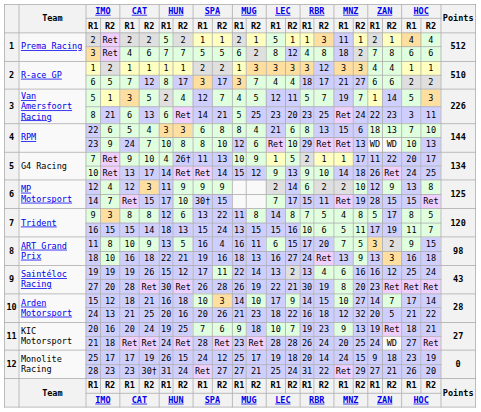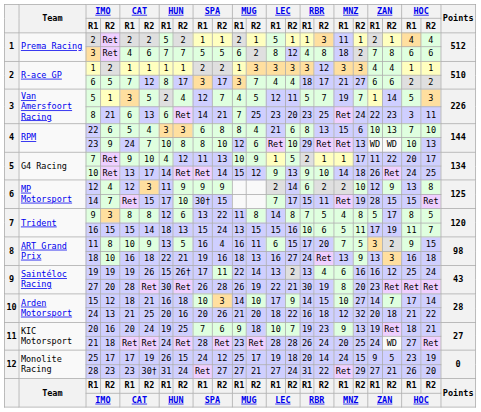 <table class="wikitable" style="font-size:85%; text-align:center">
 <tr>
 <th rowspan="2" valign="middle"></th>
 <th rowspan="2" valign="middle">Team</th>
 <th colspan="2"><a href='#'>IMO</a><br></th>
 <th colspan="2"><a href='#'>CAT</a><br></th>
 <th colspan="2"><a href='#'>HUN</a><br></th>
 <th colspan="2"><a href='#'>SPA</a><br></th>
 <th colspan="2"><a href='#'>MUG</a><br></th>
 <th colspan="2"><a href='#'>LEC</a><br></th>
 <th colspan="2"><a href='#'>RBR</a><br></th>
 <th colspan="2"><a href='#'>MNZ</a><br></th>
 <th colspan="2"><a href='#'>ZAN</a><br></th>
 <th colspan="2"><a href='#'>HOC</a><br></th>
 <th rowspan="2" valign="middle">Points</th>
 </tr>
 <tr>
 <th>R1</th>
 <th>R2</th>
 <th>R1</th>
 <th>R2</th>
 <th>R1</th>
 <th>R2</th>
 <th>R1</th>
 <th>R2</th>
 <th>R1</th>
 <th>R2</th>
 <th>R1</th>
 <th>R2</th>
 <th>R1</th>
 <th>R2</th>
 <th>R1</th>
 <th>R2</th>
 <th>R1</th>
 <th>R2</th>
 <th>R1</th>
 <th>R2</th>
 </tr>
 <tr>
 <th rowspan="2">1</th>
 <td rowspan="2" align="left"> <a href='#'>Prema Racing</a></td>
 <td style="background:#DFDFDF">2</td>
 <td style="background:#EFCFFF">Ret</td>
 <td style="background:#DFDFDF">2</td>
 <td style="background:#DFDFDF">2</td>
 <td style="background:#DFFFDF">5</td>
 <td style="background:#DFDFDF">2</td>
 <td style="background:#FFFFBF">1</td>
 <td style="background:#FFFFBF">1</td>
 <td style="background:#DFDFDF">2</td>
 <td style="background:#FFFFBF">1</td>
 <td style="background:#DFFFDF">5</td>
 <td style="background:#FFFFBF">1</td>
 <td style="background:#FFFFBF">1</td>
 <td style="background:#FFDF9F">3</td>
 <td style="background:#CFCFFF">11</td>
 <td style="background:#FFFFBF">1</td>
 <td style="background:#DFDFDF">2</td>
 <td style="background:#FFFFBF">1</td>
 <td style="background:#FFDF9F">4</td>
 <td style="background:#DFFFDF">4</td>
 <th rowspan="2">512</th>
 </tr>
 <tr>
 <td style="background:#FFDF9F">3</td>
 <td style="background:#EFCFFF">Ret</td>
 <td style="background:#DFFFDF">4</td>
 <td style="background:#DFFFDF">6</td>
 <td style="background:#DFFFDF">7</td>
 <td style="background:#DFFFDF">7</td>
 <td style="background:#DFFFDF">5</td>
 <td style="background:#DFFFDF">5</td>
 <td style="background:#DFFFDF">6</td>
 <td style="background:#DFDFDF">2</td>
 <td style="background:#DFFFDF">8</td>
 <td style="background:#CFCFFF">12</td>
 <td style="background:#DFFFDF">4</td>
 <td style="background:#DFFFDF">8</td>
 <td style="background:#CFCFFF">18</td>
 <td style="background:#DFDFDF">2</td>
 <td style="background:#DFFFDF">7</td>
 <td style="background:#DFFFDF">8</td>
 <td style="background:#DFFFDF">6</td>
 <td style="background:#DFFFDF">6</td>
 </tr>
 <tr>
 <th rowspan="2">2</th>
 <td rowspan="2" align="left"> <a href='#'>R-ace GP</a></td>
 <td style="background:#FFFFBF">1</td>
 <td style="background:#DFDFDF">2</td>
 <td style="background:#FFFFBF">1</td>
 <td style="background:#FFFFBF">1</td>
 <td style="background:#FFFFBF">1</td>
 <td style="background:#FFFFBF">1</td>
 <td style="background:#DFDFDF">2</td>
 <td style="background:#DFDFDF">2</td>
 <td style="background:#FFFFBF">1</td>
 <td style="background:#FFDF9F">3</td>
 <td style="background:#FFDF9F">3</td>
 <td style="background:#FFDF9F">3</td>
 <td style="background:#FFDF9F">3</td>
 <td style="background:#CFCFFF">12</td>
 <td style="background:#FFDF9F">3</td>
 <td style="background:#FFDF9F">3</td>
 <td style="background:#DFFFDF">4</td>
 <td style="background:#DFFFDF">4</td>
 <td style="background:#FFFFBF">1</td>
 <td style="background:#FFFFBF">1</td>
 <th rowspan="2">510</th>
 </tr>
 <tr>
 <td style="background:#DFFFDF">6</td>
 <td style="background:#DFFFDF">5</td>
 <td style="background:#DFFFDF">7</td>
 <td style="background:#CFCFFF">12</td>
 <td style="background:#DFFFDF">8</td>
 <td style="background:#CFCFFF">17</td>
 <td style="background:#FFDF9F">3</td>
 <td style="background:#CFCFFF">17</td>
 <td style="background:#FFDF9F">3</td>
 <td style="background:#DFFFDF">7</td>
 <td style="background:#DFFFDF">4</td>
 <td style="background:#DFFFDF">4</td>
 <td style="background:#CFCFFF">18</td>
 <td style="background:#CFCFFF">17</td>
 <td style="background:#CFCFFF">21</td>
 <td style="background:#CFCFFF">27</td>
 <td style="background:#DFFFDF">6</td>
 <td style="background:#DFFFDF">6</td>
 <td style="background:#DFDFDF">2</td>
 <td style="background:#DFDFDF">2</td>
 </tr>
 <tr>
 <th rowspan="2">3</th>
 <td rowspan="2" align="left"> <a href='#'>Van Amersfoort Racing</a></td>
 <td style="background:#DFFFDF">5</td>
 <td style="background:#FFFFBF">1</td>
 <td style="background:#FFDF9F">3</td>
 <td style="background:#DFFFDF">5</td>
 <td style="background:#DFDFDF">2</td>
 <td style="background:#DFFFDF">4</td>
 <td style="background:#CFCFFF">12</td>
 <td style="background:#DFFFDF">7</td>
 <td style="background:#DFFFDF">4</td>
 <td style="background:#DFFFDF">5</td>
 <td style="background:#CFCFFF">12</td>
 <td style="background:#CFCFFF">11</td>
 <td style="background:#DFFFDF">5</td>
 <td style="background:#DFFFDF">7</td>
 <td style="background:#CFCFFF">19</td>
 <td style="background:#DFFFDF">7</td>
 <td style="background:#FFFFBF">1</td>
 <td style="background:#CFCFFF">14</td>
 <td style="background:#DFFFDF">5</td>
 <td style="background:#FFDF9F">3</td>
 <th rowspan="2">226</th>
 </tr>
 <tr>
 <td style="background:#DFFFDF">8</td>
 <td style="background:#CFCFFF">21</td>
 <td style="background:#DFFFDF">6</td>
 <td style="background:#CFCFFF">13</td>
 <td style="background:#DFFFDF">6</td>
 <td style="background:#EFCFFF">Ret</td>
 <td style="background:#CFCFFF">14</td>
 <td style="background:#CFCFFF">21</td>
-<td style="background:#DFFFDF">5</td>
+<td style="background:#DFFFDF">7</td>
 <td style="background:#CFCFFF">25</td>
 <td style="background:#CFCFFF">23</td>
 <td style="background:#CFCFFF">20</td>
 <td style="background:#CFCFFF">23</td>
 <td style="background:#CFCFFF">25</td>
 <td style="background:#EFCFFF">Ret</td>
 <td style="background:#CFCFFF">24</td>
 <td style="background:#CFCFFF">22</td>
 <td style="background:#CFCFFF">23</td>
 <td style="background:#CFCFFF">3</td>
 <td style="background:#CFCFFF">11</td>
 </tr>
 <tr>
 <th rowspan="2">4</th>
 <td rowspan="2" align="left"> <a href='#'>RPM</a></td>
 <td style="background:#CFCFFF">22</td>
 <td style="background:#DFFFDF">6</td>
 <td style="background:#DFFFDF">5</td>
 <td style="background:#DFFFDF">4</td>
 <td style="background:#FFDF9F">3</td>
 <td style="background:#FFDF9F">3</td>
 <td style="background:#DFFFDF">6</td>
 <td style="background:#DFFFDF">8</td>
 <td style="background:#DFFFDF">8</td>
 <td style="background:#DFFFDF">4</td>
 <td style="background:#CFCFFF">21</td>
 <td style="background:#DFFFDF">6</td>
 <td style="background:#DFFFDF">8</td>
 <td style="background:#CFCFFF">13</td>
 <td style="background:#CFCFFF">15</td>
 <td style="background:#CFCFFF">6</td>
-<td style="background:#DFFFDF">18</td>
+<td style="background:#DFFFDF">10</td>
 <td style="background:#DFFFDF">13</td>
 <td style="background:#DFFFDF">7</td>
 <td style="background:#DFFFDF">10</td>
 <th rowspan="2">144</th>
 </tr>
 <tr>
 <td style="background:#CFCFFF">23</td>
 <td style="background:#DFFFDF">9</td>
 <td style="background:#CFCFFF">24</td>
 <td style="background:#DFFFDF">7</td>
 <td style="background:#DFFFDF">10</td>
 <td style="background:#DFFFDF">8</td>
 <td style="background:#DFFFDF">8</td>
 <td style="background:#DFFFDF">10</td>
 <td style="background:#CFCFFF">12</td>
 <td style="background:#DFFFDF">6</td>
 <td style="background:#EFCFFF">Ret</td>
 <td style="background:#DFFFDF">10</td>
 <td style="background:#CFCFFF">29</td>
 <td style="background:#EFCFFF">Ret</td>
 <td style="background:#EFCFFF">Ret</td>
 <td style="background:#CFCFFF">13</td>
 <td style="background:#">WD</td>
 <td style="background:#">WD</td>
 <td style="background:#DFFFDF">10</td>
 <td style="background:#CFCFFF">13</td>
 </tr>
 <tr>
 <th rowspan="2">5</th>
 <td rowspan="2" align="left"> G4 Racing</td>
 <td style="background:#DFFFDF">7</td>
 <td style="background:#EFCFFF">Ret</td>
 <td style="background:#DFFFDF">9</td>
 <td style="background:#DFFFDF">10</td>
 <td style="background:#DFFFDF">4</td>
-<td style="background:#CFCFFF">26†</td>
+<td style="background:#CFCFFF">12</td>
 <td style="background:#CFCFFF">11</td>
 <td style="background:#CFCFFF">13</td>
 <td style="background:#DFFFDF">10</td>
 <td style="background:#DFFFDF">9</td>
 <td style="background:#FFFFBF">1</td>
 <td style="background:#DFFFDF">5</td>
 <td style="background:#DFDFDF">2</td>
 <td style="background:#FFFFBF">1</td>
 <td style="background:#FFFFBF">1</td>
 <td style="background:#CFCFFF">17</td>
 <td style="background:#CFCFFF">11</td>
 <td style="background:#CFCFFF">22</td>
 <td style="background:#CFCFFF">20</td>
 <td style="background:#CFCFFF">17</td>
 <th rowspan="2">134</th>
 </tr>
 <tr>
 <td style="background:#DFFFDF">10</td>
 <td style="background:#EFCFFF">Ret</td>
 <td style="background:#CFCFFF">13</td>
 <td style="background:#CFCFFF">17</td>
 <td style="background:#CFCFFF">14</td>
 <td style="background:#EFCFFF">Ret</td>
 <td style="background:#EFCFFF">Ret</td>
 <td style="background:#CFCFFF">14</td>
 <td style="background:#CFCFFF">15</td>
 <td style="background:#CFCFFF">12</td>
 <td style="background:#DFFFDF">9</td>
 <td style="background:#CFCFFF">13</td>
 <td style="background:#DFFFDF">9</td>
 <td style="background:#DFFFDF">10</td>
 <td style="background:#CFCFFF">14</td>
 <td style="background:#CFCFFF">18</td>
 <td style="background:#CFCFFF">26</td>
 <td style="background:#EFCFFF">Ret</td>
 <td style="background:#CFCFFF">24</td>
 <td style="background:#CFCFFF">25</td>
 </tr>
 <tr>
 <th rowspan="2">6</th>
 <td rowspan="2" align="left"> <a href='#'>MP Motorsport</a></td>
 <td style="background:#CFCFFF">12</td>
 <td style="background:#DFFFDF">4</td>
 <td style="background:#CFCFFF">12</td>
 <td style="background:#FFDF9F">3</td>
 <td style="background:#CFCFFF">11</td>
 <td style="background:#DFFFDF">9</td>
 <td style="background:#DFFFDF">9</td>
 <td style="background:#DFFFDF">9</td>
 <td></td>
 <td></td>
 <td style="background:#DFDFDF">2</td>
 <td style="background:#CFCFFF">14</td>
 <td style="background:#DFFFDF">6</td>
 <td style="background:#DFDFDF">2</td>
 <td style="background:#DFDFDF">2</td>
 <td style="background:#DFFFDF">10</td>
 <td style="background:#CFCFFF">12</td>
 <td style="background:#DFFFDF">9</td>
 <td style="background:#CFCFFF">13</td>
 <td style="background:#DFFFDF">8</td>
 <th rowspan="2">125</th>
 </tr>
 <tr>
 <td style="background:#CFCFFF">14</td>
 <td style="background:#DFFFDF">7</td>
 <td style="background:#EFCFFF">Ret</td>
 <td style="background:#CFCFFF">15</td>
 <td style="background:#CFCFFF">17</td>
 <td style="background:#DFFFDF">10</td>
 <td style="background:#CFCFFF">30†</td>
 <td style="background:#CFCFFF">15</td>
 <td></td>
 <td></td>
 <td style="background:#DFFFDF">7</td>
 <td style="background:#CFCFFF">17</td>
 <td style="background:#CFCFFF">15</td>
 <td style="background:#CFCFFF">11</td>
 <td style="background:#EFCFFF">Ret</td>
 <td style="background:#CFCFFF">19</td>
 <td style="background:#CFCFFF">28</td>
 <td style="background:#CFCFFF">15</td>
 <td style="background:#CFCFFF">15</td>
 <td style="background:#EFCFFF">Ret</td>
 </tr>
 <tr>
 <th rowspan="2">7</th>
 <td rowspan="2" align="left"> <a href='#'>Trident</a></td>
 <td style="background:#DFFFDF">9</td>
 <td style="background:#FFDF9F">3</td>
 <td style="background:#DFFFDF">8</td>
 <td style="background:#DFFFDF">8</td>
 <td style="background:#CFCFFF">12</td>
 <td style="background:#DFFFDF">6</td>
 <td style="background:#CFCFFF">13</td>
 <td style="background:#CFCFFF">22</td>
 <td style="background:#CFCFFF">11</td>
 <td style="background:#DFFFDF">8</td>
 <td style="background:#CFCFFF">14</td>
 <td style="background:#DFFFDF">8</td>
 <td style="background:#DFFFDF">7</td>
 <td style="background:#DFFFDF">5</td>
 <td style="background:#DFFFDF">4</td>
 <td style="background:#DFFFDF">8</td>
 <td style="background:#DFFFDF">5</td>
 <td style="background:#CFCFFF">17</td>
 <td style="background:#DFFFDF">8</td>
 <td style="background:#DFFFDF">5</td>
 <th rowspan="2">120</th>
 </tr>
 <tr>
 <td style="background:#CFCFFF">16</td>
 <td style="background:#CFCFFF">15</td>
 <td style="background:#CFCFFF">15</td>
 <td style="background:#CFCFFF">14</td>
 <td style="background:#CFCFFF">18</td>
 <td style="background:#CFCFFF">13</td>
 <td style="background:#CFCFFF">15</td>
 <td style="background:#CFCFFF">24</td>
 <td style="background:#CFCFFF">13</td>
 <td style="background:#CFCFFF">15</td>
 <td style="background:#CFCFFF">15</td>
 <td style="background:#CFCFFF">16</td>
 <td style="background:#DFFFDF">10</td>
 <td style="background:#DFFFDF">6</td>
 <td style="background:#DFFFDF">5</td>
 <td style="background:#DFFFDF">11</td>
 <td style="background:#CFCFFF">17</td>
 <td style="background:#CFCFFF">19</td>
 <td style="background:#DFFFDF">11</td>
 <td style="background:#DFFFDF">7</td>
 </tr>
 <tr>
 <th rowspan="2">8</th>
 <td rowspan="2" align="left"> <a href='#'>ART Grand Prix</a></td>
 <td style="background:#CFCFFF">11</td>
 <td style="background:#DFFFDF">8</td>
 <td style="background:#DFFFDF">10</td>
 <td style="background:#DFFFDF">9</td>
 <td style="background:#CFCFFF">13</td>
 <td style="background:#DFFFDF">5</td>
 <td style="background:#CFCFFF">16</td>
 <td style="background:#CFCFFF">4</td>
 <td style="background:#CFCFFF">16</td>
 <td style="background:#CFCFFF">11</td>
 <td style="background:#DFFFDF">6</td>
 <td style="background:#CFCFFF">15</td>
 <td style="background:#CFCFFF">17</td>
 <td style="background:#CFCFFF">20</td>
 <td style="background:#DFFFDF">7</td>
 <td style="background:#DFFFDF">5</td>
 <td style="background:#FFDF9F">3</td>
 <td style="background:#DFDFDF">2</td>
 <td style="background:#DFFFDF">9</td>
 <td style="background:#CFCFFF">15</td>
 <th rowspan="2">98</th>
 </tr>
 <tr>
 <td style="background:#CFCFFF">18</td>
 <td style="background:#DFFFDF">10</td>
 <td style="background:#CFCFFF">16</td>
 <td style="background:#CFCFFF">18</td>
 <td style="background:#CFCFFF">22</td>
 <td style="background:#CFCFFF">21</td>
 <td style="background:#CFCFFF">19</td>
 <td style="background:#CFCFFF">16</td>
 <td style="background:#CFCFFF">18</td>
 <td style="background:#CFCFFF">13</td>
 <td style="background:#CFCFFF">16</td>
 <td style="background:#CFCFFF">27</td>
 <td style="background:#CFCFFF">24</td>
 <td style="background:#EFCFFF">Ret</td>
 <td style="background:#CFCFFF">13</td>
 <td style="background:#DFFFDF">9</td>
 <td style="background:#CFCFFF">13</td>
 <td style="background:#FFDF9F">3</td>
 <td style="background:#CFCFFF">16</td>
 <td style="background:#CFCFFF">18</td>
 </tr>
 <tr>
 <th rowspan="2">9</th>
 <td rowspan="2" align="left"> <a href='#'>Saintéloc Racing</a></td>
 <td style="background:#CFCFFF">19</td>
 <td style="background:#CFCFFF">19</td>
 <td style="background:#CFCFFF">19</td>
 <td style="background:#CFCFFF">26</td>
 <td style="background:#CFCFFF">15</td>
-<td style="background:#CFCFFF">12</td>
+<td style="background:#CFCFFF">26†</td>
 <td style="background:#CFCFFF">17</td>
 <td style="background:#DFFFDF">11</td>
 <td style="background:#CFCFFF">22</td>
 <td style="background:#CFCFFF">14</td>
 <td style="background:#CFCFFF">13</td>
 <td style="background:#DFDFDF">2</td>
 <td style="background:#CFCFFF">13</td>
 <td style="background:#DFFFDF">4</td>
 <td style="background:#DFFFDF">6</td>
 <td style="background:#CFCFFF">16</td>
 <td style="background:#CFCFFF">16</td>
 <td style="background:#CFCFFF">12</td>
 <td style="background:#CFCFFF">25</td>
 <td style="background:#CFCFFF">24</td>
 <th rowspan="2">43</th>
 </tr>
 <tr>
 <td style="background:#CFCFFF">27</td>
 <td style="background:#CFCFFF">20</td>
 <td style="background:#CFCFFF">28</td>
 <td style="background:#EFCFFF">Ret</td>
 <td style="background:#CFCFFF">30</td>
 <td style="background:#EFCFFF">Ret</td>
 <td style="background:#CFCFFF">26</td>
 <td style="background:#CFCFFF">28</td>
 <td style="background:#CFCFFF">26</td>
 <td style="background:#CFCFFF">19</td>
 <td style="background:#CFCFFF">22</td>
 <td style="background:#CFCFFF">21</td>
 <td style="background:#CFCFFF">30</td>
 <td style="background:#CFCFFF">19</td>
 <td style="background:#DFFFDF">8</td>
 <td style="background:#CFCFFF">20</td>
 <td style="background:#CFCFFF">23</td>
 <td style="background:#EFCFFF">Ret</td>
 <td style="background:#EFCFFF">Ret</td>
 <td style="background:#EFCFFF">Ret</td>
 </tr>
 <tr>
 <th rowspan="2">10</th>
 <td rowspan="2" align="left"> <a href='#'>Arden Motorsport</a></td>
 <td style="background:#CFCFFF">15</td>
 <td style="background:#CFCFFF">12</td>
 <td style="background:#CFCFFF">18</td>
 <td style="background:#CFCFFF">21</td>
 <td style="background:#CFCFFF">16</td>
 <td style="background:#CFCFFF">18</td>
 <td style="background:#DFFFDF">10</td>
 <td style="background:#FFDF9F">3</td>
 <td style="background:#CFCFFF">14</td>
 <td style="background:#DFFFDF">10</td>
 <td style="background:#CFCFFF">17</td>
 <td style="background:#DFFFDF">9</td>
 <td style="background:#CFCFFF">14</td>
 <td style="background:#CFCFFF">15</td>
 <td style="background:#DFFFDF">10</td>
 <td style="background:#CFCFFF">27</td>
 <td style="background:#CFCFFF">14</td>
 <td style="background:#DFFFDF">7</td>
 <td style="background:#CFCFFF">17</td>
 <td style="background:#CFCFFF">14</td>
 <th rowspan="2">28</th>
 </tr>
 <tr>
 <td style="background:#CFCFFF">24</td>
 <td style="background:#CFCFFF">13</td>
 <td style="background:#CFCFFF">21</td>
 <td style="background:#CFCFFF">25</td>
 <td style="background:#CFCFFF">20</td>
 <td style="background:#CFCFFF">16</td>
 <td style="background:#CFCFFF">20</td>
 <td style="background:#CFCFFF">26</td>
 <td style="background:#CFCFFF">21</td>
-<td style="background:#CFCFFF">23</td>
+<td style="background:#CFCFFF">20</td>
 <td style="background:#CFCFFF">18</td>
 <td style="background:#CFCFFF">22</td>
 <td style="background:#CFCFFF">16</td>
 <td style="background:#CFCFFF">18</td>
 <td style="background:#CFCFFF">12</td>
 <td style="background:#CFCFFF">32</td>
 <td style="background:#CFCFFF">20</td>
-<td style="background:#CFCFFF">5</td>
+<td style="background:#CFCFFF">18</td>
 <td style="background:#CFCFFF">21</td>
 <td style="background:#CFCFFF">22</td>
 </tr>
 <tr>
 <th rowspan="2">11</th>
 <td rowspan="2" align="left"> KIC Motorsport</td>
 <td style="background:#CFCFFF">20</td>
 <td style="background:#CFCFFF">16</td>
 <td style="background:#CFCFFF">20</td>
 <td style="background:#CFCFFF">24</td>
 <td style="background:#CFCFFF">19</td>
 <td style="background:#CFCFFF">25</td>
 <td style="background:#DFFFDF">7</td>
 <td style="background:#DFFFDF">6</td>
 <td style="background:#DFFFDF">9</td>
 <td style="background:#CFCFFF">18</td>
 <td style="background:#DFFFDF">10</td>
 <td style="background:#DFFFDF">7</td>
 <td style="background:#CFCFFF">19</td>
 <td style="background:#CFCFFF">23</td>
 <td style="background:#DFFFDF">9</td>
 <td style="background:#CFCFFF">13</td>
 <td style="background:#CFCFFF">19</td>
 <td style="background:#EFCFFF">Ret</td>
 <td style="background:#CFCFFF">18</td>
 <td style="background:#CFCFFF">21</td>
 <th rowspan="2">27</th>
 </tr>
 <tr>
 <td style="background:#CFCFFF">21</td>
 <td style="background:#CFCFFF">18</td>
 <td style="background:#EFCFFF">Ret</td>
 <td style="background:#EFCFFF">Ret</td>
 <td style="background:#CFCFFF">24</td>
 <td style="background:#EFCFFF">Ret</td>
 <td style="background:#CFCFFF">28</td>
 <td style="background:#EFCFFF">Ret</td>
 <td style="background:#CFCFFF">23</td>
 <td style="background:#EFCFFF">Ret</td>
 <td style="background:#CFCFFF">28</td>
 <td style="background:#CFCFFF">28</td>
 <td style="background:#CFCFFF">26</td>
 <td style="background:#CFCFFF">24</td>
 <td style="background:#CFCFFF">20</td>
 <td style="background:#CFCFFF">25</td>
 <td style="background:#CFCFFF">24</td>
 <td>WD</td>
 <td style="background:#CFCFFF">27</td>
 <td style="background:#EFCFFF">Ret</td>
 </tr>
 <tr>
 <th rowspan="2">12</th>
 <td rowspan="2" align="left"> Monolite Racing</td>
 <td style="background:#CFCFFF">25</td>
 <td style="background:#CFCFFF">17</td>
 <td style="background:#CFCFFF">17</td>
 <td style="background:#CFCFFF">19</td>
 <td style="background:#CFCFFF">26</td>
 <td style="background:#CFCFFF">15</td>
 <td style="background:#CFCFFF">24</td>
 <td style="background:#CFCFFF">12</td>
 <td style="background:#CFCFFF">25</td>
 <td style="background:#CFCFFF">17</td>
 <td style="background:#CFCFFF">19</td>
 <td style="background:#CFCFFF">18</td>
 <td style="background:#CFCFFF">20</td>
 <td style="background:#CFCFFF">14</td>
 <td style="background:#CFCFFF">24</td>
 <td style="background:#CFCFFF">15</td>
 <td style="background:#CFCFFF">9</td>
-<td style="background:#CFCFFF">18</td>
+<td style="background:#CFCFFF">5</td>
 <td style="background:#CFCFFF">23</td>
 <td style="background:#CFCFFF">19</td>
 <th rowspan="2">0</th>
 </tr>
 <tr>
 <td style="background:#CFCFFF">28</td>
 <td style="background:#CFCFFF">23</td>
 <td style="background:#CFCFFF">23</td>
 <td style="background:#CFCFFF">30†</td>
 <td style="background:#CFCFFF">31</td>
 <td style="background:#CFCFFF">24</td>
 <td style="background:#EFCFFF">Ret</td>
 <td style="background:#CFCFFF">27</td>
 <td style="background:#CFCFFF">27</td>
 <td style="background:#CFCFFF">21</td>
-<td style="background:#CFCFFF">25</td>
+<td style="background:#CFCFFF">27</td>
 <td style="background:#CFCFFF">24</td>
 <td style="background:#CFCFFF">31</td>
 <td style="background:#CFCFFF">22</td>
 <td style="background:#EFCFFF">Ret</td>
 <td style="background:#CFCFFF">29</td>
 <td style="background:#CFCFFF">27</td>
 <td style="background:#CFCFFF">21</td>
 <td style="background:#CFCFFF">26</td>
 <td style="background:#CFCFFF">20</td>
 </tr>
 <tr>
 <th rowspan="2"></th>
 <th rowspan="2">Team</th>
 <th>R1</th>
 <th>R2</th>
 <th>R1</th>
 <th>R2</th>
 <th>R1</th>
 <th>R2</th>
 <th>R1</th>
 <th>R2</th>
 <th>R1</th>
 <th>R2</th>
 <th>R1</th>
 <th>R2</th>
 <th>R1</th>
 <th>R2</th>
 <th>R1</th>
 <th>R2</th>
 <th>R1</th>
 <th>R2</th>
 <th>R1</th>
 <th>R2</th>
 <th rowspan="2">Points</th>
 </tr>
 <tr>
 <th colspan="2"><a href='#'>IMO</a><br></th>
 <th colspan="2"><a href='#'>CAT</a><br></th>
 <th colspan="2"><a href='#'>HUN</a><br></th>
 <th colspan="2"><a href='#'>SPA</a><br></th>
 <th colspan="2"><a href='#'>MUG</a><br></th>
 <th colspan="2"><a href='#'>LEC</a><br></th>
 <th colspan="2"><a href='#'>RBR</a><br></th>
 <th colspan="2"><a href='#'>MNZ</a><br></th>
 <th colspan="2"><a href='#'>ZAN</a><br></th>
 <th colspan="2"><a href='#'>HOC</a><br></th>
 </tr>
 </table>
